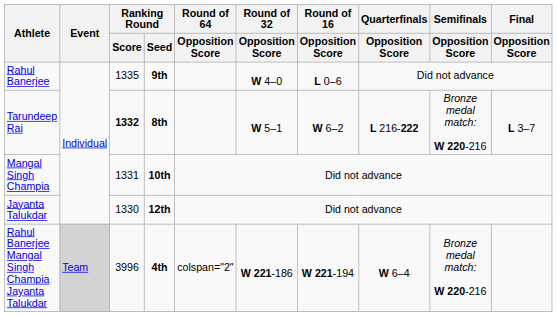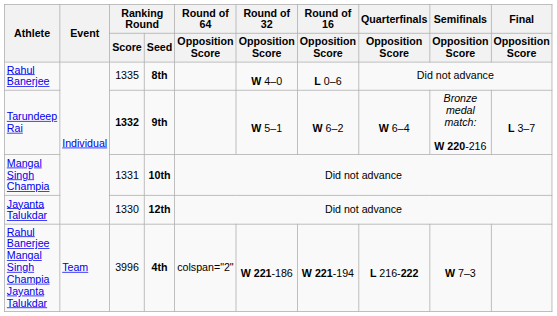 <table class=wikitable style="font-size:90%">
 <tr>
 <th rowspan=2>Athlete</th>
 <th rowspan=2>Event</th>
 <th colspan=2>Ranking Round</th>
 <th>Round of 64</th>
 <th>Round of 32</th>
 <th>Round of 16</th>
 <th>Quarterfinals</th>
 <th>Semifinals</th>
 <th>Final</th>
 </tr>
 <tr>
 <th>Score</th>
 <th>Seed</th>
 <th>Opposition<br>Score</th>
 <th>Opposition<br>Score</th>
 <th>Opposition<br>Score</th>
 <th>Opposition<br>Score</th>
 <th>Opposition<br>Score</th>
 <th>Opposition<br>Score</th>
 </tr>
 <tr>
 <td><a href='#'>Rahul Banerjee</a></td>
 <td rowspan=4><a href='#'>Individual</a></td>
 <td align=center>1335</td>
-<td align=center><strong>9th</strong></td>
+<td align=center><strong>8th</strong></td>
 <td></td>
 <td align=center><br> <strong>W</strong> 4–0</td>
 <td align=center><br> <strong>L</strong> 0–6</td>
 <td align=center colspan="7">Did not advance</td>
 </tr>
 <tr>
 <td><a href='#'>Tarundeep Rai</a></td>
 <td align=center><strong>1332</strong></td>
-<td align=center><strong>8th</strong></td>
+<td align=center><strong>9th</strong></td>
 <td></td>
 <td align=center><br> <strong>W</strong> 5–1</td>
 <td align=center><br> <strong>W</strong> 6–2</td>
-<td align=center> <br> <strong>L</strong> 216-<strong>222</strong></td>
+<td align=center><br> <strong>W</strong> 6–4</td>
 <td align=center><em>Bronze medal match:</em><br> <br> <strong>W</strong> <strong>220</strong>-216 <br> </td>
 <td align=center><br> <strong>L</strong> 3–7<br></td>
 </tr>
 <tr>
 <td><a href='#'>Mangal Singh Champia</a></td>
 <td align=center>1331</td>
 <td align=center><strong>10th</strong></td>
 <td align=center colspan="7">Did not advance</td>
 </tr>
 <tr>
 <td><a href='#'>Jayanta Talukdar</a></td>
 <td align=center>1330</td>
 <td align=center><strong>12th</strong></td>
 <td align=center colspan="7">Did not advance</td>
 </tr>
 <tr>
 <td><a href='#'>Rahul Banerjee</a><br><a href='#'>Mangal Singh Champia</a><br><a href='#'>Jayanta Talukdar</a></td>
-<td style="background: lightgrey;"><a href='#'>Team</a></td>
+<td><a href='#'>Team</a></td>
 <td align=center>3996</td>
 <td align=center><strong>4th</strong></td>
 <td>colspan="2" </td>
 <td align=center> <br> <strong>W</strong> <strong>221</strong>-186</td>
 <td align=center> <br> <strong>W</strong> <strong>221</strong>-194</td>
-<td align=center><br> <strong>W</strong> 6–4</td>
-<td align=center><em>Bronze medal match:</em><br> <br> <strong>W</strong> <strong>220</strong>-216 <br> </td>
+<td align=center> <br> <strong>L</strong> 216-<strong>222</strong></td>
+<td align=center><br> <strong>W</strong> 7–3</td>
 </tr>
 </table>
